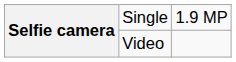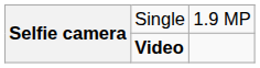 <table class="wikitable">
 <tr>
 <th rowspan="4">Selfie camera</th>
 <td>Single</td>
 <td>1.9 MP</td>
 </tr>
 <tr>
-<td>Video</td>
+<td><strong>Video</strong></td>
 <td></td>
 </tr>
 </table>
